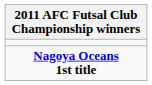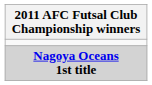 <table class="wikitable" style="text-align: center; margin: 0 auto; width: 20%">
 <tr>
 <th>2011 AFC Futsal Club Championship winners</th>
 </tr>
 <tr>
 <td></td>
 </tr>
 <tr>
-<td><strong><a href='#'>Nagoya Oceans</a></strong><br><strong>1st title</strong></td>
+<td style="background: lightgrey;"><strong><a href='#'>Nagoya Oceans</a></strong><br><strong>1st title</strong></td>
 </tr>
 </table>
